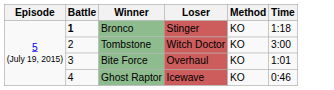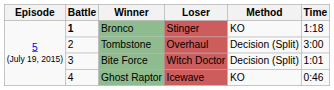 <table class="wikitable">
 <tr>
 <th>Episode</th>
 <th>Battle</th>
 <th>Winner</th>
 <th>Loser</th>
 <th>Method</th>
 <th>Time</th>
 </tr>
 <tr>
 <td style="text-align:center;" rowspan="4"><a href='#'>5</a><br><small>(July 19, 2015)</small></td>
 <td><strong>1</strong></td>
 <td style="background:DarkSeaGreen;">Bronco</td>
 <td style="background:IndianRed;">Stinger</td>
 <td>KO</td>
 <td>1:18</td>
 </tr>
 <tr>
 <td>2</td>
 <td style="background:DarkSeaGreen;">Tombstone</td>
-<td style="background:IndianRed;">Witch Doctor</td>
-<td>KO</td>
+<td style="background:IndianRed;">Overhaul</td>
+<td>Decision (Split)</td>
 <td>3:00</td>
 </tr>
 <tr>
 <td>3</td>
 <td style="background:DarkSeaGreen;">Bite Force</td>
-<td style="background:IndianRed;">Overhaul</td>
-<td>KO</td>
+<td style="background:IndianRed;">Witch Doctor</td>
+<td>Decision (Split)</td>
 <td>1:01</td>
 </tr>
 <tr>
 <td>4</td>
 <td style="background:DarkSeaGreen;">Ghost Raptor</td>
 <td style="background:IndianRed;">Icewave</td>
 <td>KO</td>
 <td>0:46</td>
 </tr>
 </table>
